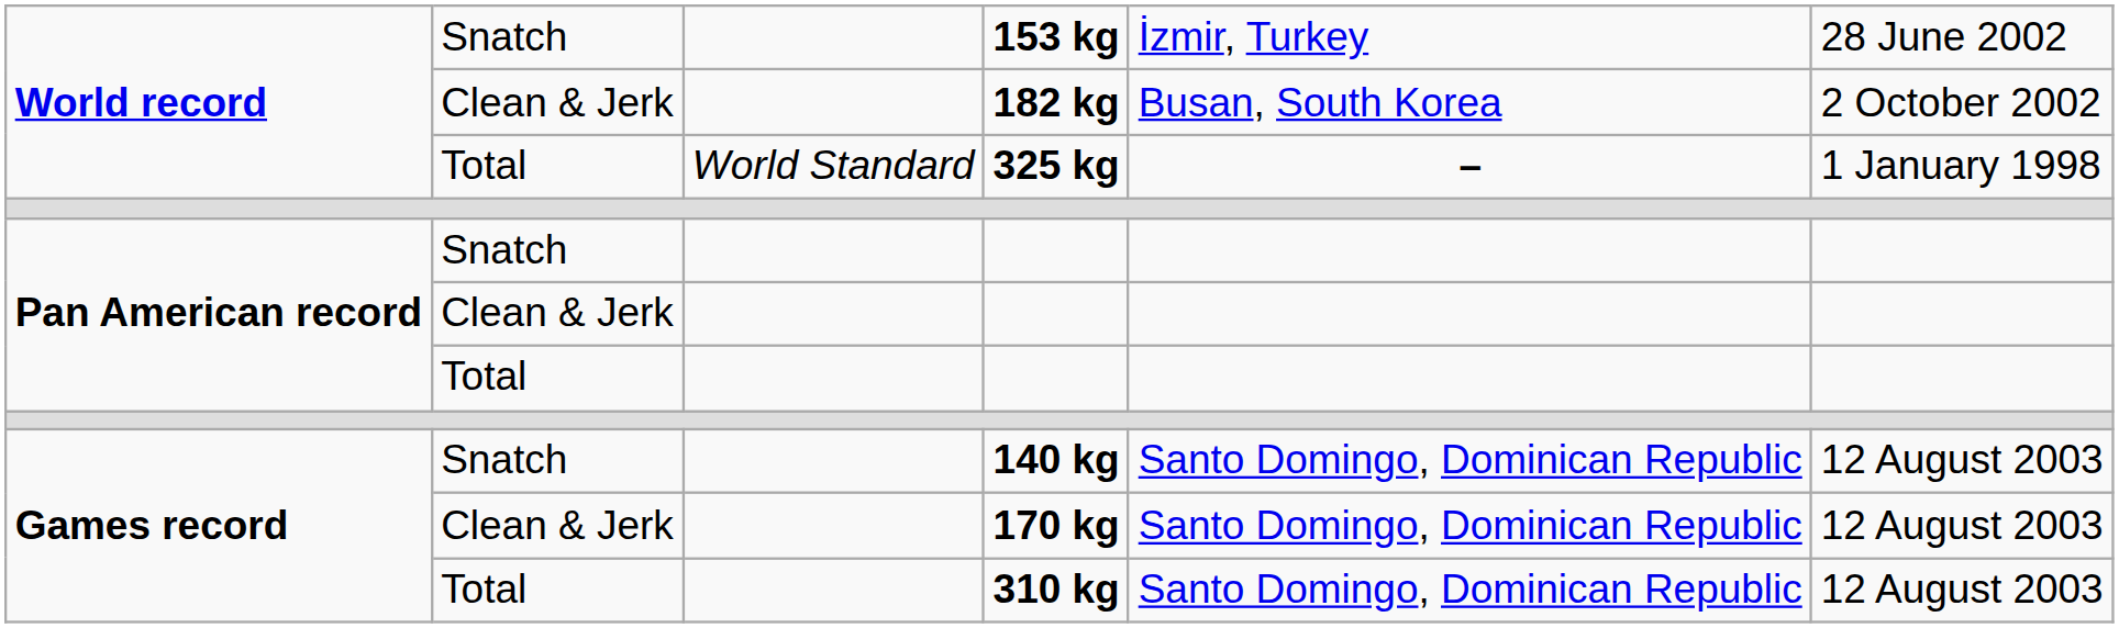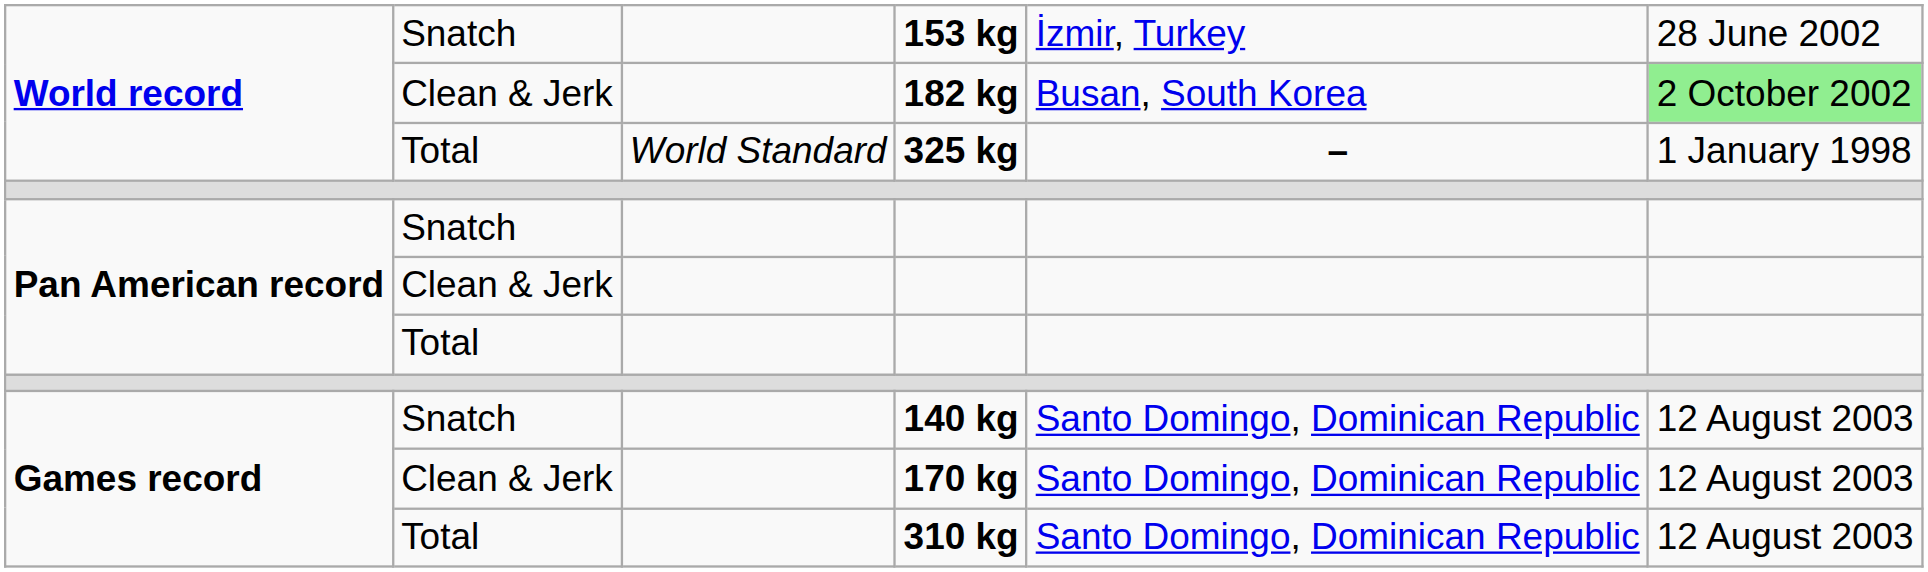 <table class="wikitable">
 <tr>
 <td rowspan=3><strong><a href='#'>World record</a></strong></td>
 <td>Snatch</td>
 <td></td>
 <td><strong>153 kg</strong></td>
 <td><a href='#'>İzmir</a>, <a href='#'>Turkey</a></td>
 <td>28 June 2002</td>
 </tr>
 <tr>
 <td>Clean & Jerk</td>
 <td></td>
 <td><strong>182 kg</strong></td>
 <td><a href='#'>Busan</a>, <a href='#'>South Korea</a></td>
-<td>2 October 2002</td>
+<td style="background: lightgreen;">2 October 2002</td>
 </tr>
 <tr>
 <td>Total</td>
 <td align=center><em>World Standard</em></td>
 <td><strong>325 kg</strong></td>
 <td align=center><strong>–</strong></td>
 <td>1 January 1998</td>
 </tr>
 <tr style="background-color:#DDDDDD;">
 <td colspan=6></td>
 </tr>
 <tr>
 <td rowspan=3><strong>Pan American record</strong></td>
 <td>Snatch</td>
 <td></td>
 <td></td>
 <td></td>
 <td></td>
 </tr>
 <tr>
 <td>Clean & Jerk</td>
 <td></td>
 <td></td>
 <td></td>
 <td></td>
 </tr>
 <tr>
 <td>Total</td>
 <td></td>
 <td></td>
 <td></td>
 <td></td>
 </tr>
 <tr style="background-color:#DDDDDD;">
 <td colspan=6></td>
 </tr>
 <tr>
 <td rowspan=3><strong>Games record</strong></td>
 <td>Snatch</td>
 <td></td>
 <td><strong>140 kg</strong></td>
 <td><a href='#'>Santo Domingo</a>, <a href='#'>Dominican Republic</a></td>
 <td>12 August 2003</td>
 </tr>
 <tr>
 <td>Clean & Jerk</td>
 <td></td>
 <td><strong>170 kg</strong></td>
 <td><a href='#'>Santo Domingo</a>, <a href='#'>Dominican Republic</a></td>
 <td>12 August 2003</td>
 </tr>
 <tr>
 <td>Total</td>
 <td></td>
 <td><strong>310 kg</strong></td>
 <td><a href='#'>Santo Domingo</a>, <a href='#'>Dominican Republic</a></td>
 <td>12 August 2003</td>
 </tr>
 </table>
